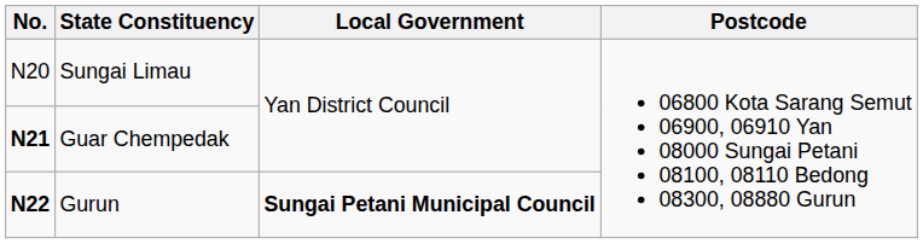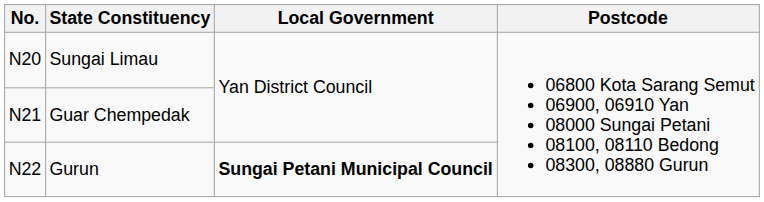 <table class="wikitable">
 <tr>
 <th>No.</th>
 <th>State Constituency</th>
 <th>Local Government</th>
 <th>Postcode</th>
 </tr>
 <tr>
 <td>N20</td>
 <td>Sungai Limau</td>
 <td rowspan="2">Yan District Council</td>
 <td rowspan="3"><br><ul><li>06800 Kota Sarang Semut</li><li>06900, 06910 Yan</li><li>08000 Sungai Petani</li><li>08100, 08110 Bedong</li><li>08300, 08880 Gurun</li></ul></td>
 </tr>
 <tr>
-<td><strong>N21</strong></td>
+<td>N21</td>
 <td>Guar Chempedak</td>
 </tr>
 <tr>
-<td><strong>N22</strong></td>
+<td>N22</td>
 <td>Gurun</td>
 <td><strong>Sungai Petani Municipal Council</strong></td>
 </tr>
 </table>
